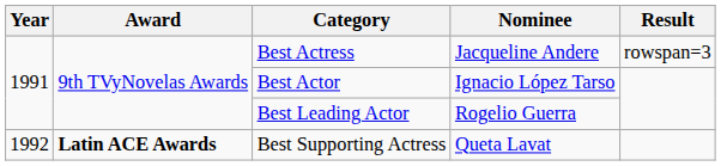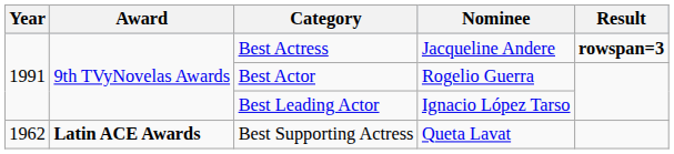 <table class="wikitable">
 <tr style="background:#b0c4de;">
 <th>Year</th>
 <th>Award</th>
 <th>Category</th>
 <th>Nominee</th>
 <th>Result</th>
 </tr>
 <tr>
 <td rowspan=3>1991</td>
 <td rowspan=3><a href='#'>9th TVyNovelas Awards</a></td>
 <td><a href='#'>Best Actress</a></td>
 <td><a href='#'>Jacqueline Andere</a></td>
-<td>rowspan=3 </td>
+<td><strong>rowspan=3 </strong></td>
 </tr>
 <tr>
 <td><a href='#'>Best Actor</a></td>
+<td><a href='#'>Rogelio Guerra</a></td>
+</tr>
+<tr>
+<td><a href='#'>Best Leading Actor</a></td>
 <td><a href='#'>Ignacio López Tarso</a></td>
 </tr>
 <tr>
-<td><a href='#'>Best Leading Actor</a></td>
-<td><a href='#'>Rogelio Guerra</a></td>
-</tr>
-<tr>
-<td>1992</td>
+<td>1962</td>
 <td><strong>Latin ACE Awards</strong></td>
 <td>Best Supporting Actress</td>
 <td><a href='#'>Queta Lavat</a></td>
 <td></td>
 </tr>
 </table>
